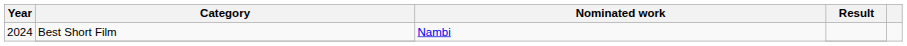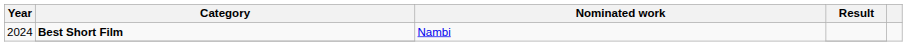 <table class=wikitable>
 <tr>
 <th scope="col" style="width:1em;">Year</th>
 <th scope="col" style="width:36em;">Category</th>
 <th scope="col" style="width:39em;">Nominated work</th>
 <th scope="col" style="width:5em;">Result</th>
 <th scope="col" style="width:1em;"></th>
 </tr>
 <tr>
 <td rowspan="4">2024</td>
-<td>Best Short Film</td>
+<td><strong>Best Short Film</strong></td>
 <td rowspan="4"><a href='#'>Nambi</a></td>
 <td></td>
 <td rowspan="4"></td>
 </tr>
 <tr>
 </tr>
 </table>
